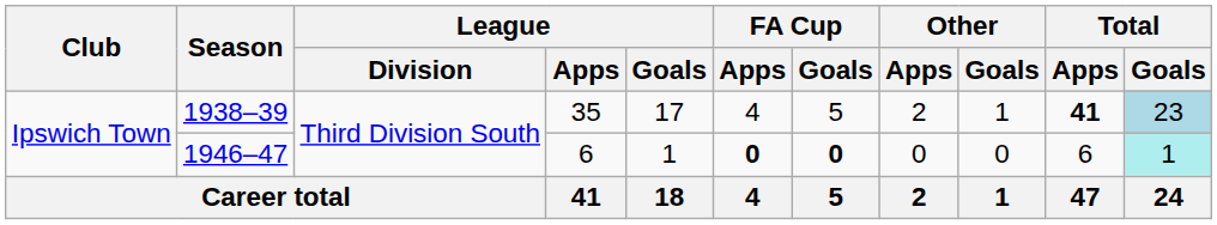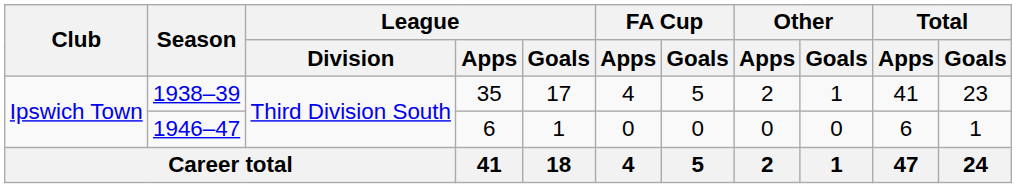 <table class="wikitable" style="text-align:center">
 <tr>
 <th rowspan="2">Club</th>
 <th rowspan="2">Season</th>
 <th colspan="3">League</th>
 <th colspan="2">FA Cup</th>
 <th colspan="2">Other</th>
 <th colspan="2">Total</th>
 </tr>
 <tr>
 <th>Division</th>
 <th>Apps</th>
 <th>Goals</th>
 <th>Apps</th>
 <th>Goals</th>
 <th>Apps</th>
 <th>Goals</th>
 <th>Apps</th>
 <th>Goals</th>
 </tr>
 <tr>
 <td rowspan="2"><a href='#'>Ipswich Town</a></td>
 <td><a href='#'>1938–39</a></td>
 <td rowspan="2"><a href='#'>Third Division South</a></td>
 <td>35</td>
 <td>17</td>
 <td>4</td>
 <td>5</td>
 <td>2</td>
 <td>1</td>
-<td><strong>41</strong></td>
-<td style="background: lightblue;">23</td>
+<td>41</td>
+<td>23</td>
 </tr>
 <tr>
 <td><a href='#'>1946–47</a></td>
 <td>6</td>
 <td>1</td>
-<td><strong>0</strong></td>
-<td><strong>0</strong></td>
+<td>0</td>
+<td>0</td>
 <td>0</td>
 <td>0</td>
 <td>6</td>
-<td style="background: paleturquoise;">1</td>
+<td>1</td>
 </tr>
 <tr>
 <th colspan="3">Career total</th>
 <th>41</th>
 <th>18</th>
 <th>4</th>
 <th>5</th>
 <th>2</th>
 <th>1</th>
 <th>47</th>
 <th>24</th>
 </tr>
 </table>
